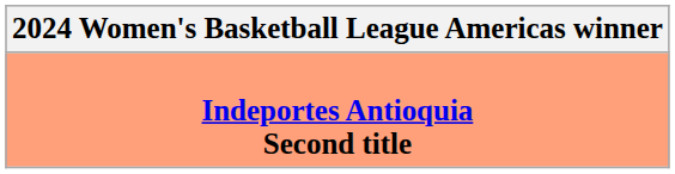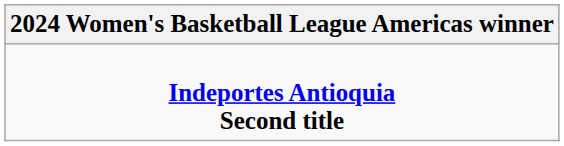 <table class=wikitable style="text-align:center; margin:auto">
 <tr>
 <th>2024 Women's Basketball League Americas winner</th>
 </tr>
 <tr>
-<td style="background: lightsalmon;"><br><strong><a href='#'>Indeportes Antioquia</a></strong><br><strong>Second title</strong></td>
+<td><br><strong><a href='#'>Indeportes Antioquia</a></strong><br><strong>Second title</strong></td>
 </tr>
 </table>
